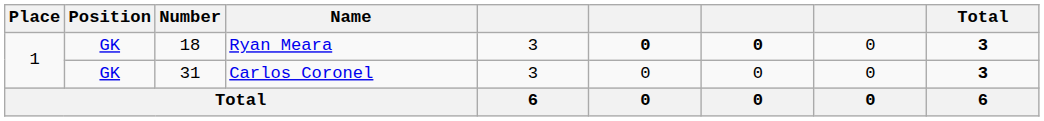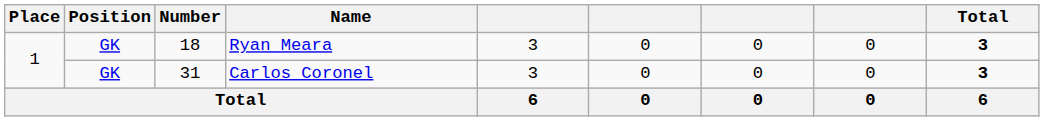 <table class="wikitable" style="font-size: 95%; text-align: center;">
 <tr>
 <th width=30>Place</th>
 <th width=30>Position</th>
 <th width=30>Number</th>
 <th width=175>Name</th>
 <th width=75></th>
 <th width=75></th>
 <th width=75></th>
 <th width=75></th>
 <th width=75>Total</th>
 </tr>
 <tr>
 <td rowspan="2">1</td>
 <td><a href='#'>GK</a></td>
 <td>18</td>
 <td align="left"> <a href='#'>Ryan Meara</a></td>
 <td>3</td>
-<td><strong>0</strong></td>
-<td><strong>0</strong></td>
+<td>0</td>
+<td>0</td>
 <td>0</td>
 <td><strong>3</strong></td>
 </tr>
 <tr>
 <td><a href='#'>GK</a></td>
 <td>31</td>
 <td align="left"> <a href='#'>Carlos Coronel</a></td>
 <td>3</td>
 <td>0</td>
 <td>0</td>
 <td>0</td>
 <td><strong>3</strong></td>
 </tr>
 <tr>
 <th colspan="4">Total</th>
 <th>6</th>
 <th>0</th>
 <th>0</th>
 <th>0</th>
 <th>6</th>
 </tr>
 </table>
